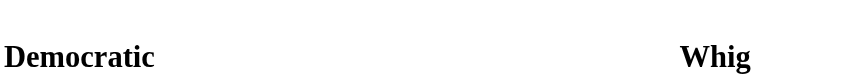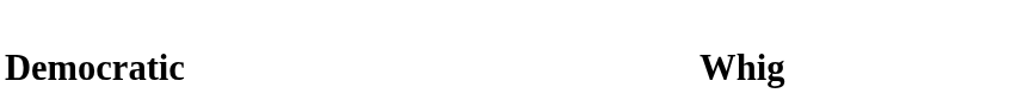 <table style="width:70%; text-align:center;">
 <tr style="color:white;">
 <td style="background:"><strong>110</strong></td>
+<td style="background:"><strong>116</strong></td>
 <td style="background:"><strong>2</strong></td>
-<td style="background:"><strong>116</strong></td>
 </tr>
 <tr>
 <td><span><strong>Democratic</strong></span></td>
+<td><span><strong>Whig</strong></span></td>
 <td></td>
-<td><span><strong>Whig</strong></span></td>
 </tr>
 </table>
